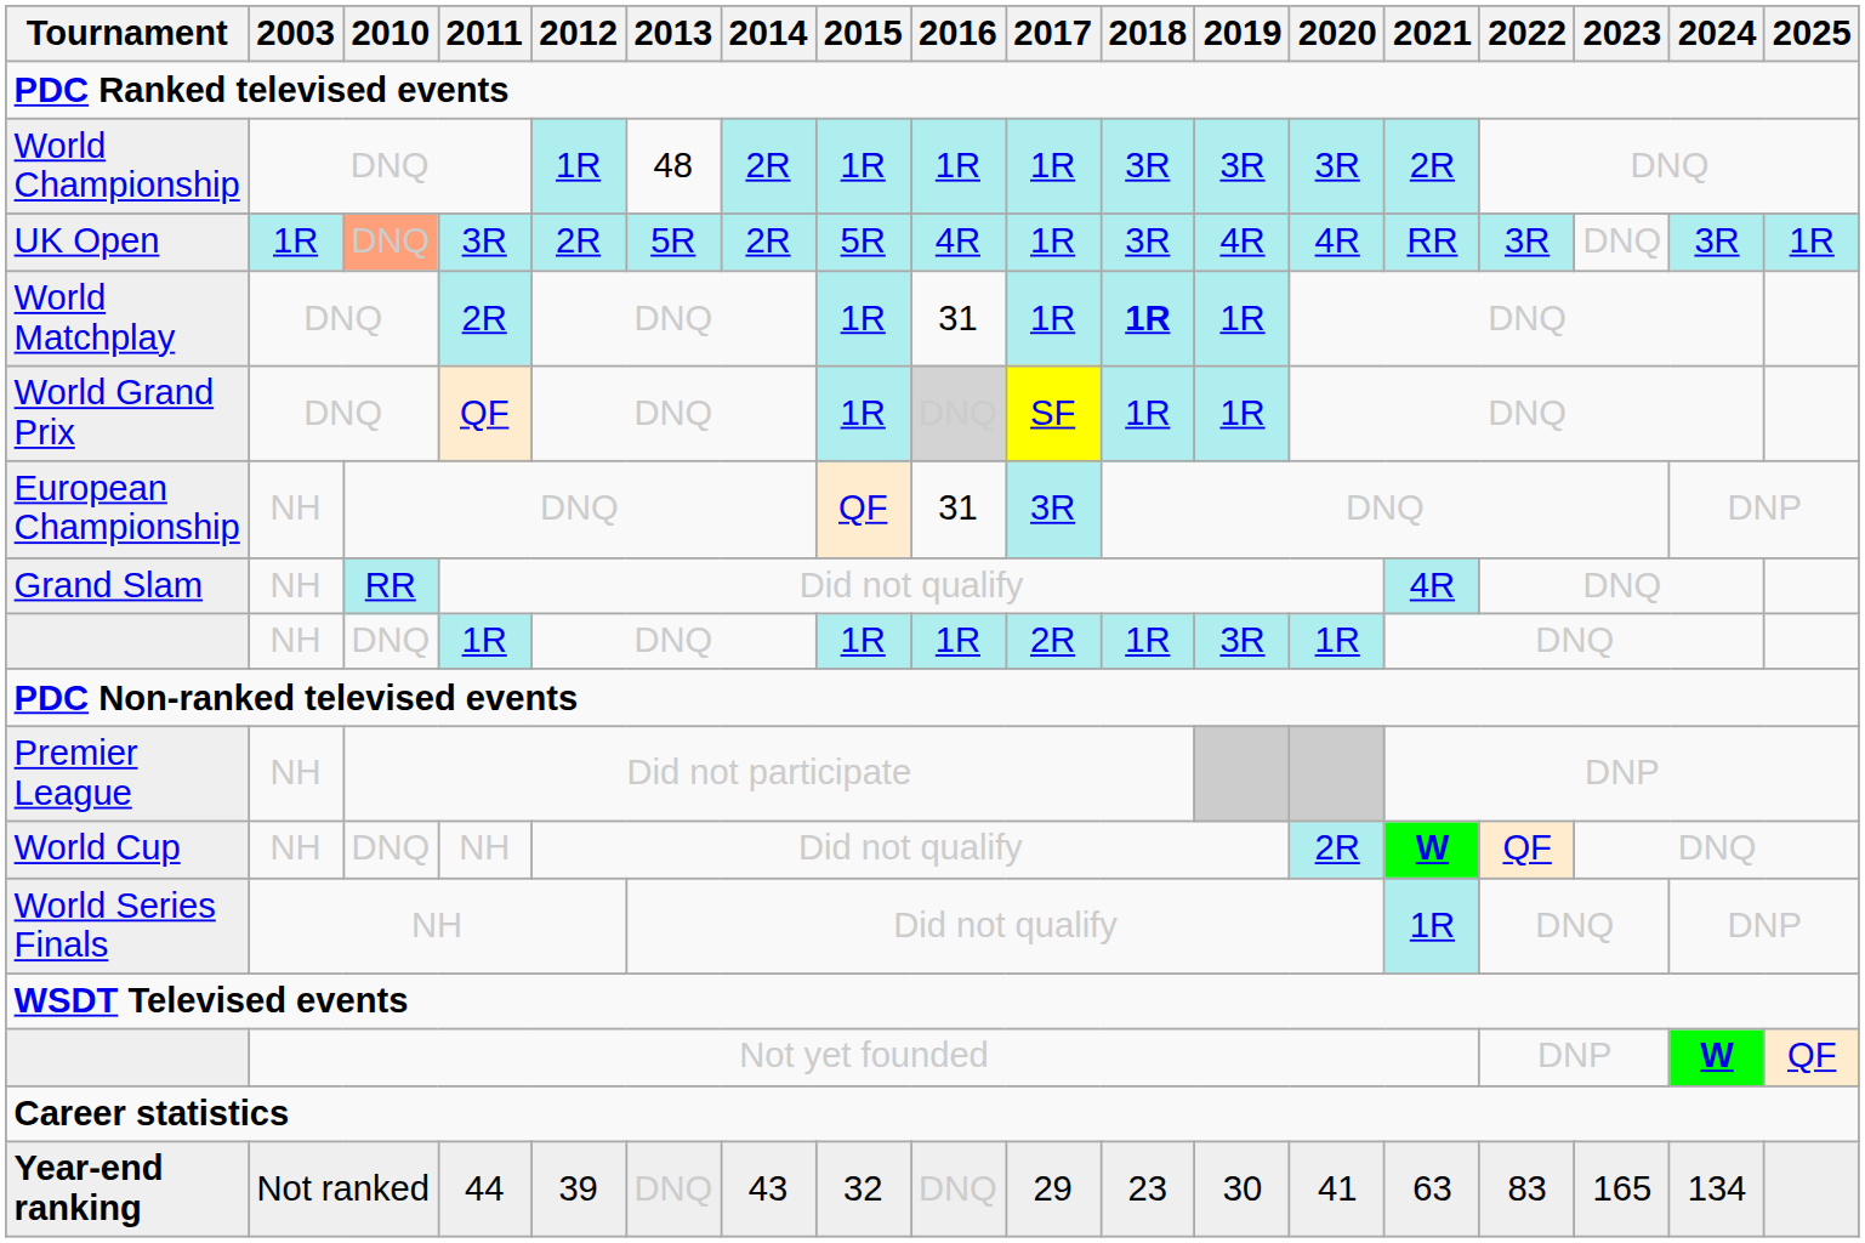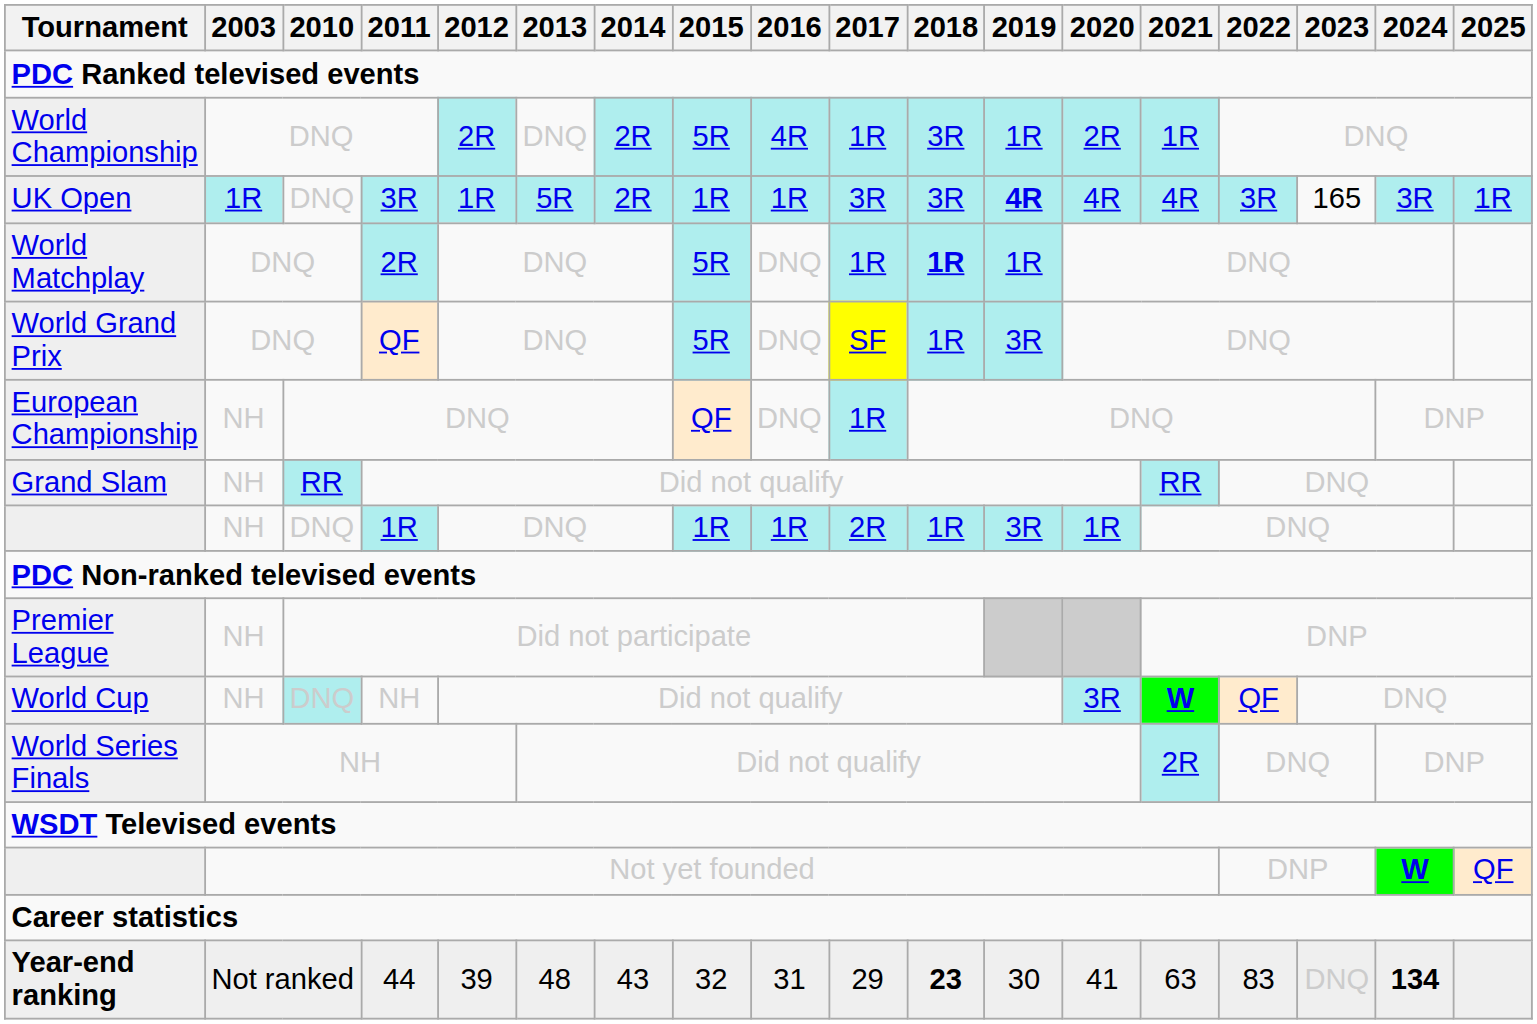 <table class="wikitable" style="width:50%; margin:0">
 <tr>
 <th>Tournament</th>
 <th>2003</th>
 <th>2010</th>
 <th>2011</th>
 <th>2012</th>
 <th>2013</th>
 <th>2014</th>
 <th>2015</th>
 <th>2016</th>
 <th>2017</th>
 <th>2018</th>
 <th>2019</th>
 <th>2020</th>
 <th>2021</th>
 <th>2022</th>
 <th>2023</th>
 <th>2024</th>
 <th>2025</th>
 </tr>
 <tr>
 <td colspan="18" align="left"><strong><a href='#'>PDC</a> Ranked televised events</strong></td>
 </tr>
 <tr>
 <td style="background:#efefef;"><a href='#'>World Championship</a></td>
 <td colspan="3" style="text-align:center; color:#ccc;">DNQ</td>
+<td style="text-align:center; background:#afeeee;"><a href='#'>2R</a></td>
+<td style="text-align:center; color:#ccc;">DNQ</td>
+<td style="text-align:center; background:#afeeee;"><a href='#'>2R</a></td>
+<td style="text-align:center; background:#afeeee;"><a href='#'>5R</a></td>
+<td style="text-align:center; background:#afeeee;"><a href='#'>4R</a></td>
 <td style="text-align:center; background:#afeeee;"><a href='#'>1R</a></td>
-<td style="text-align:center;">48</td>
+<td style="text-align:center; background:#afeeee;"><a href='#'>3R</a></td>
+<td style="text-align:center; background:#afeeee;"><a href='#'>1R</a></td>
 <td style="text-align:center; background:#afeeee;"><a href='#'>2R</a></td>
 <td style="text-align:center; background:#afeeee;"><a href='#'>1R</a></td>
-<td style="text-align:center; background:#afeeee;"><a href='#'>1R</a></td>
-<td style="text-align:center; background:#afeeee;"><a href='#'>1R</a></td>
-<td style="text-align:center; background:#afeeee;"><a href='#'>3R</a></td>
-<td style="text-align:center; background:#afeeee;"><a href='#'>3R</a></td>
-<td style="text-align:center; background:#afeeee;"><a href='#'>3R</a></td>
-<td style="text-align:center; background:#afeeee;"><a href='#'>2R</a></td>
 <td colspan="4" style="text-align:center; color:#ccc;">DNQ</td>
 </tr>
 <tr>
 <td style="background:#efefef;"><a href='#'>UK Open</a></td>
 <td style="text-align:center; background:#afeeee;"><a href='#'>1R</a></td>
-<td style="background: lightsalmon; text-align:center; color:#ccc;">DNQ</td>
+<td style="text-align:center; color:#ccc;">DNQ</td>
 <td style="text-align:center; background:#afeeee;"><a href='#'>3R</a></td>
-<td style="text-align:center; background:#afeeee;"><a href='#'>2R</a></td>
+<td style="text-align:center; background:#afeeee;"><a href='#'>1R</a></td>
 <td style="text-align:center; background:#afeeee;"><a href='#'>5R</a></td>
 <td style="text-align:center; background:#afeeee;"><a href='#'>2R</a></td>
-<td style="text-align:center; background:#afeeee;"><a href='#'>5R</a></td>
-<td style="text-align:center; background:#afeeee;"><a href='#'>4R</a></td>
+<td style="text-align:center; background:#afeeee;"><a href='#'>1R</a></td>
 <td style="text-align:center; background:#afeeee;"><a href='#'>1R</a></td>
 <td style="text-align:center; background:#afeeee;"><a href='#'>3R</a></td>
+<td style="text-align:center; background:#afeeee;"><a href='#'>3R</a></td>
+<td style="text-align:center; background:#afeeee;"><strong><a href='#'>4R</a></strong></td>
 <td style="text-align:center; background:#afeeee;"><a href='#'>4R</a></td>
 <td style="text-align:center; background:#afeeee;"><a href='#'>4R</a></td>
-<td style="text-align:center; background:#afeeee;"><a href='#'>RR</a></td>
 <td style="text-align:center; background:#afeeee;"><a href='#'>3R</a></td>
-<td style="text-align:center; color:#ccc;">DNQ</td>
+<td style="text-align:center;">165</td>
 <td style="text-align:center; background:#afeeee;"><a href='#'>3R</a></td>
 <td style="text-align:center; background:#afeeee;"><a href='#'>1R</a></td>
 </tr>
 <tr>
 <td style="background:#efefef;"><a href='#'>World Matchplay</a></td>
 <td colspan="2" style="text-align:center; color:#ccc;">DNQ</td>
 <td style="text-align:center; background:#afeeee;"><a href='#'>2R</a></td>
 <td colspan="3" style="text-align:center; color:#ccc;">DNQ</td>
-<td style="text-align:center; background:#afeeee;"><a href='#'>1R</a></td>
-<td style="text-align:center;">31</td>
+<td style="text-align:center; background:#afeeee;"><a href='#'>5R</a></td>
+<td style="text-align:center; color:#ccc;">DNQ</td>
 <td style="text-align:center; background:#afeeee;"><a href='#'>1R</a></td>
 <td style="text-align:center; background:#afeeee;"><strong><a href='#'>1R</a></strong></td>
 <td style="text-align:center; background:#afeeee;"><a href='#'>1R</a></td>
 <td colspan="5" style="text-align:center; color:#ccc;">DNQ</td>
 <td></td>
 </tr>
 <tr>
 <td style="background:#efefef;"><a href='#'>World Grand Prix</a></td>
 <td colspan="2" style="text-align:center; color:#ccc;">DNQ</td>
 <td style="text-align:center; background:#ffebcd;"><a href='#'>QF</a></td>
 <td colspan="3" style="text-align:center; color:#ccc;">DNQ</td>
-<td style="text-align:center; background:#afeeee;"><a href='#'>1R</a></td>
-<td style="background: lightgrey; text-align:center; color:#ccc;">DNQ</td>
+<td style="text-align:center; background:#afeeee;"><a href='#'>5R</a></td>
+<td style="text-align:center; color:#ccc;">DNQ</td>
 <td style="text-align:center; background:yellow;"><a href='#'>SF</a></td>
 <td style="text-align:center; background:#afeeee;"><a href='#'>1R</a></td>
-<td style="text-align:center; background:#afeeee;"><a href='#'>1R</a></td>
+<td style="text-align:center; background:#afeeee;"><a href='#'>3R</a></td>
 <td colspan="5" style="text-align:center; color:#ccc;">DNQ</td>
 <td></td>
 </tr>
 <tr>
 <td style="background:#efefef;"><a href='#'>European Championship</a></td>
 <td style="text-align:center; color:#ccc;">NH</td>
 <td colspan="5" style="text-align:center; color:#ccc;">DNQ</td>
 <td style="text-align:center; background:#ffebcd;"><a href='#'>QF</a></td>
-<td style="text-align:center;">31</td>
-<td style="text-align:center; background:#afeeee;"><a href='#'>3R</a></td>
+<td style="text-align:center; color:#ccc;">DNQ</td>
+<td style="text-align:center; background:#afeeee;"><a href='#'>1R</a></td>
 <td colspan="6" style="text-align:center; color:#ccc;">DNQ</td>
 <td colspan="2" style="text-align:center; color:#ccc;">DNP</td>
 </tr>
 <tr>
 <td style="background:#efefef;"><a href='#'>Grand Slam</a></td>
 <td style="text-align:center; color:#ccc;">NH</td>
 <td style="text-align:center; background:#afeeee;"><a href='#'>RR</a></td>
 <td colspan="10" style="text-align:center; color:#ccc;">Did not qualify</td>
-<td style="text-align:center; background:#afeeee;"><a href='#'>4R</a></td>
+<td style="text-align:center; background:#afeeee;"><a href='#'>RR</a></td>
 <td colspan="3" style="text-align:center; color:#ccc;">DNQ</td>
 <td></td>
 </tr>
 <tr>
 <td style="background:#efefef;"></td>
 <td style="text-align:center; color:#ccc;">NH</td>
 <td style="text-align:center; color:#ccc;">DNQ</td>
 <td style="text-align:center; background:#afeeee;"><a href='#'>1R</a></td>
 <td colspan="3" style="text-align:center; color:#ccc;">DNQ</td>
 <td style="text-align:center; background:#afeeee;"><a href='#'>1R</a></td>
 <td style="text-align:center; background:#afeeee;"><a href='#'>1R</a></td>
 <td style="text-align:center; background:#afeeee;"><a href='#'>2R</a></td>
 <td style="text-align:center; background:#afeeee;"><a href='#'>1R</a></td>
 <td style="text-align:center; background:#afeeee;"><a href='#'>3R</a></td>
 <td style="text-align:center; background:#afeeee;"><a href='#'>1R</a></td>
 <td colspan="4" style="text-align:center; color:#ccc;">DNQ</td>
 <td></td>
 </tr>
 <tr>
 <td colspan="25" align="left"><strong><a href='#'>PDC</a> Non-ranked televised events</strong></td>
 </tr>
 <tr>
 <td style="background:#efefef;"><a href='#'>Premier League</a></td>
 <td style="text-align:center; color:#ccc;">NH</td>
 <td colspan="9" style="text-align:center; color:#ccc;">Did not participate</td>
 <td style="text-align:center; background:#ccc;"><a href='#'></a></td>
 <td style="text-align:center; background:#ccc;"><a href='#'></a></td>
 <td colspan="5" style="text-align:center; color:#ccc;">DNP</td>
 </tr>
 <tr>
 <td style="background:#efefef;"><a href='#'>World Cup</a></td>
 <td style="text-align:center; color:#ccc;">NH</td>
-<td style="text-align:center; color:#ccc;">DNQ</td>
+<td style="background: paleturquoise; text-align:center; color:#ccc;">DNQ</td>
 <td style="text-align:center; color:#ccc;">NH</td>
 <td colspan="8" style="text-align:center; color:#ccc;">Did not qualify</td>
-<td style="text-align:center; background:#afeeee;"><a href='#'>2R</a></td>
+<td style="text-align:center; background:#afeeee;"><a href='#'>3R</a></td>
 <td style="text-align:center; background:lime;"><strong><a href='#'>W</a></strong></td>
 <td style="text-align:center; background:#ffebcd;"><a href='#'>QF</a></td>
 <td colspan="3" style="text-align:center; color:#ccc;">DNQ</td>
 </tr>
 <tr>
 <td style="background:#efefef;"><a href='#'>World Series Finals</a></td>
 <td colspan="4" style="text-align:center; color:#ccc;">NH</td>
 <td colspan="8" style="text-align:center; color:#ccc;">Did not qualify</td>
-<td style="text-align:center; background:#afeeee;"><a href='#'>1R</a></td>
+<td style="text-align:center; background:#afeeee;"><a href='#'>2R</a></td>
 <td colspan="2" style="text-align:center; color:#ccc;">DNQ</td>
 <td colspan="2" style="text-align:center; color:#ccc;">DNP</td>
 </tr>
 <tr>
 <td colspan="20" align="left"><strong><a href='#'>WSDT</a> Televised events</strong></td>
 </tr>
 <tr>
 <td style="background:#efefef;"></td>
 <td colspan="13" style="text-align:center; color:#ccc;">Not yet founded</td>
 <td colspan="2" style="text-align:center; color:#ccc;">DNP</td>
 <td style="text-align:center; background:lime;"><strong><a href='#'>W</a></strong></td>
 <td style="text-align:center; background:#ffebcd;"><a href='#'>QF</a></td>
 </tr>
 <tr>
 <td colspan="25" align="left"><strong>Career statistics</strong></td>
 </tr>
 <tr bgcolor="efefef">
 <td align="left"><strong>Year-end ranking</strong></td>
 <td colspan="2" style="text-align:center;">Not ranked</td>
 <td style="text-align:center;">44</td>
 <td style="text-align:center;">39</td>
-<td style="text-align:center; color:#ccc;">DNQ</td>
+<td style="text-align:center;">48</td>
 <td style="text-align:center;">43</td>
 <td style="text-align:center;">32</td>
-<td style="text-align:center; color:#ccc;">DNQ</td>
+<td style="text-align:center;">31</td>
 <td style="text-align:center;">29</td>
-<td style="text-align:center;">23</td>
+<td style="text-align:center;"><strong>23</strong></td>
 <td style="text-align:center;">30</td>
 <td style="text-align:center;">41</td>
 <td style="text-align:center;">63</td>
 <td style="text-align:center;">83</td>
-<td style="text-align:center;">165</td>
-<td style="text-align:center;">134</td>
+<td style="text-align:center; color:#ccc;">DNQ</td>
+<td style="text-align:center;"><strong>134</strong></td>
 <td></td>
 </tr>
 </table>
